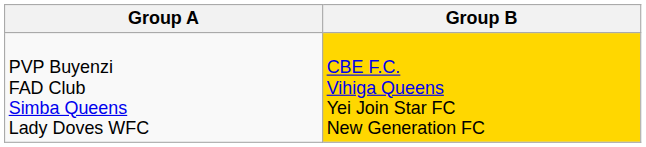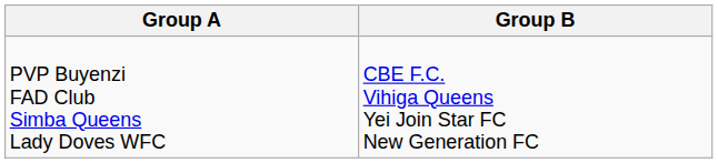 <table class="wikitable" style="width:45%;">
 <tr>
 <th width=25%>Group A</th>
 <th width=25%>Group B</th>
 </tr>
 <tr>
 <td><br> PVP Buyenzi<br>  FAD Club<br>  <a href='#'>Simba Queens</a><br>  Lady Doves WFC</td>
-<td style="background: gold;"><br> <a href='#'>CBE F.C.</a><br>  <a href='#'>Vihiga Queens</a><br>  Yei Join Star FC<br>  New Generation FC</td>
+<td><br> <a href='#'>CBE F.C.</a><br>  <a href='#'>Vihiga Queens</a><br>  Yei Join Star FC<br>  New Generation FC</td>
 </tr>
 </table>
